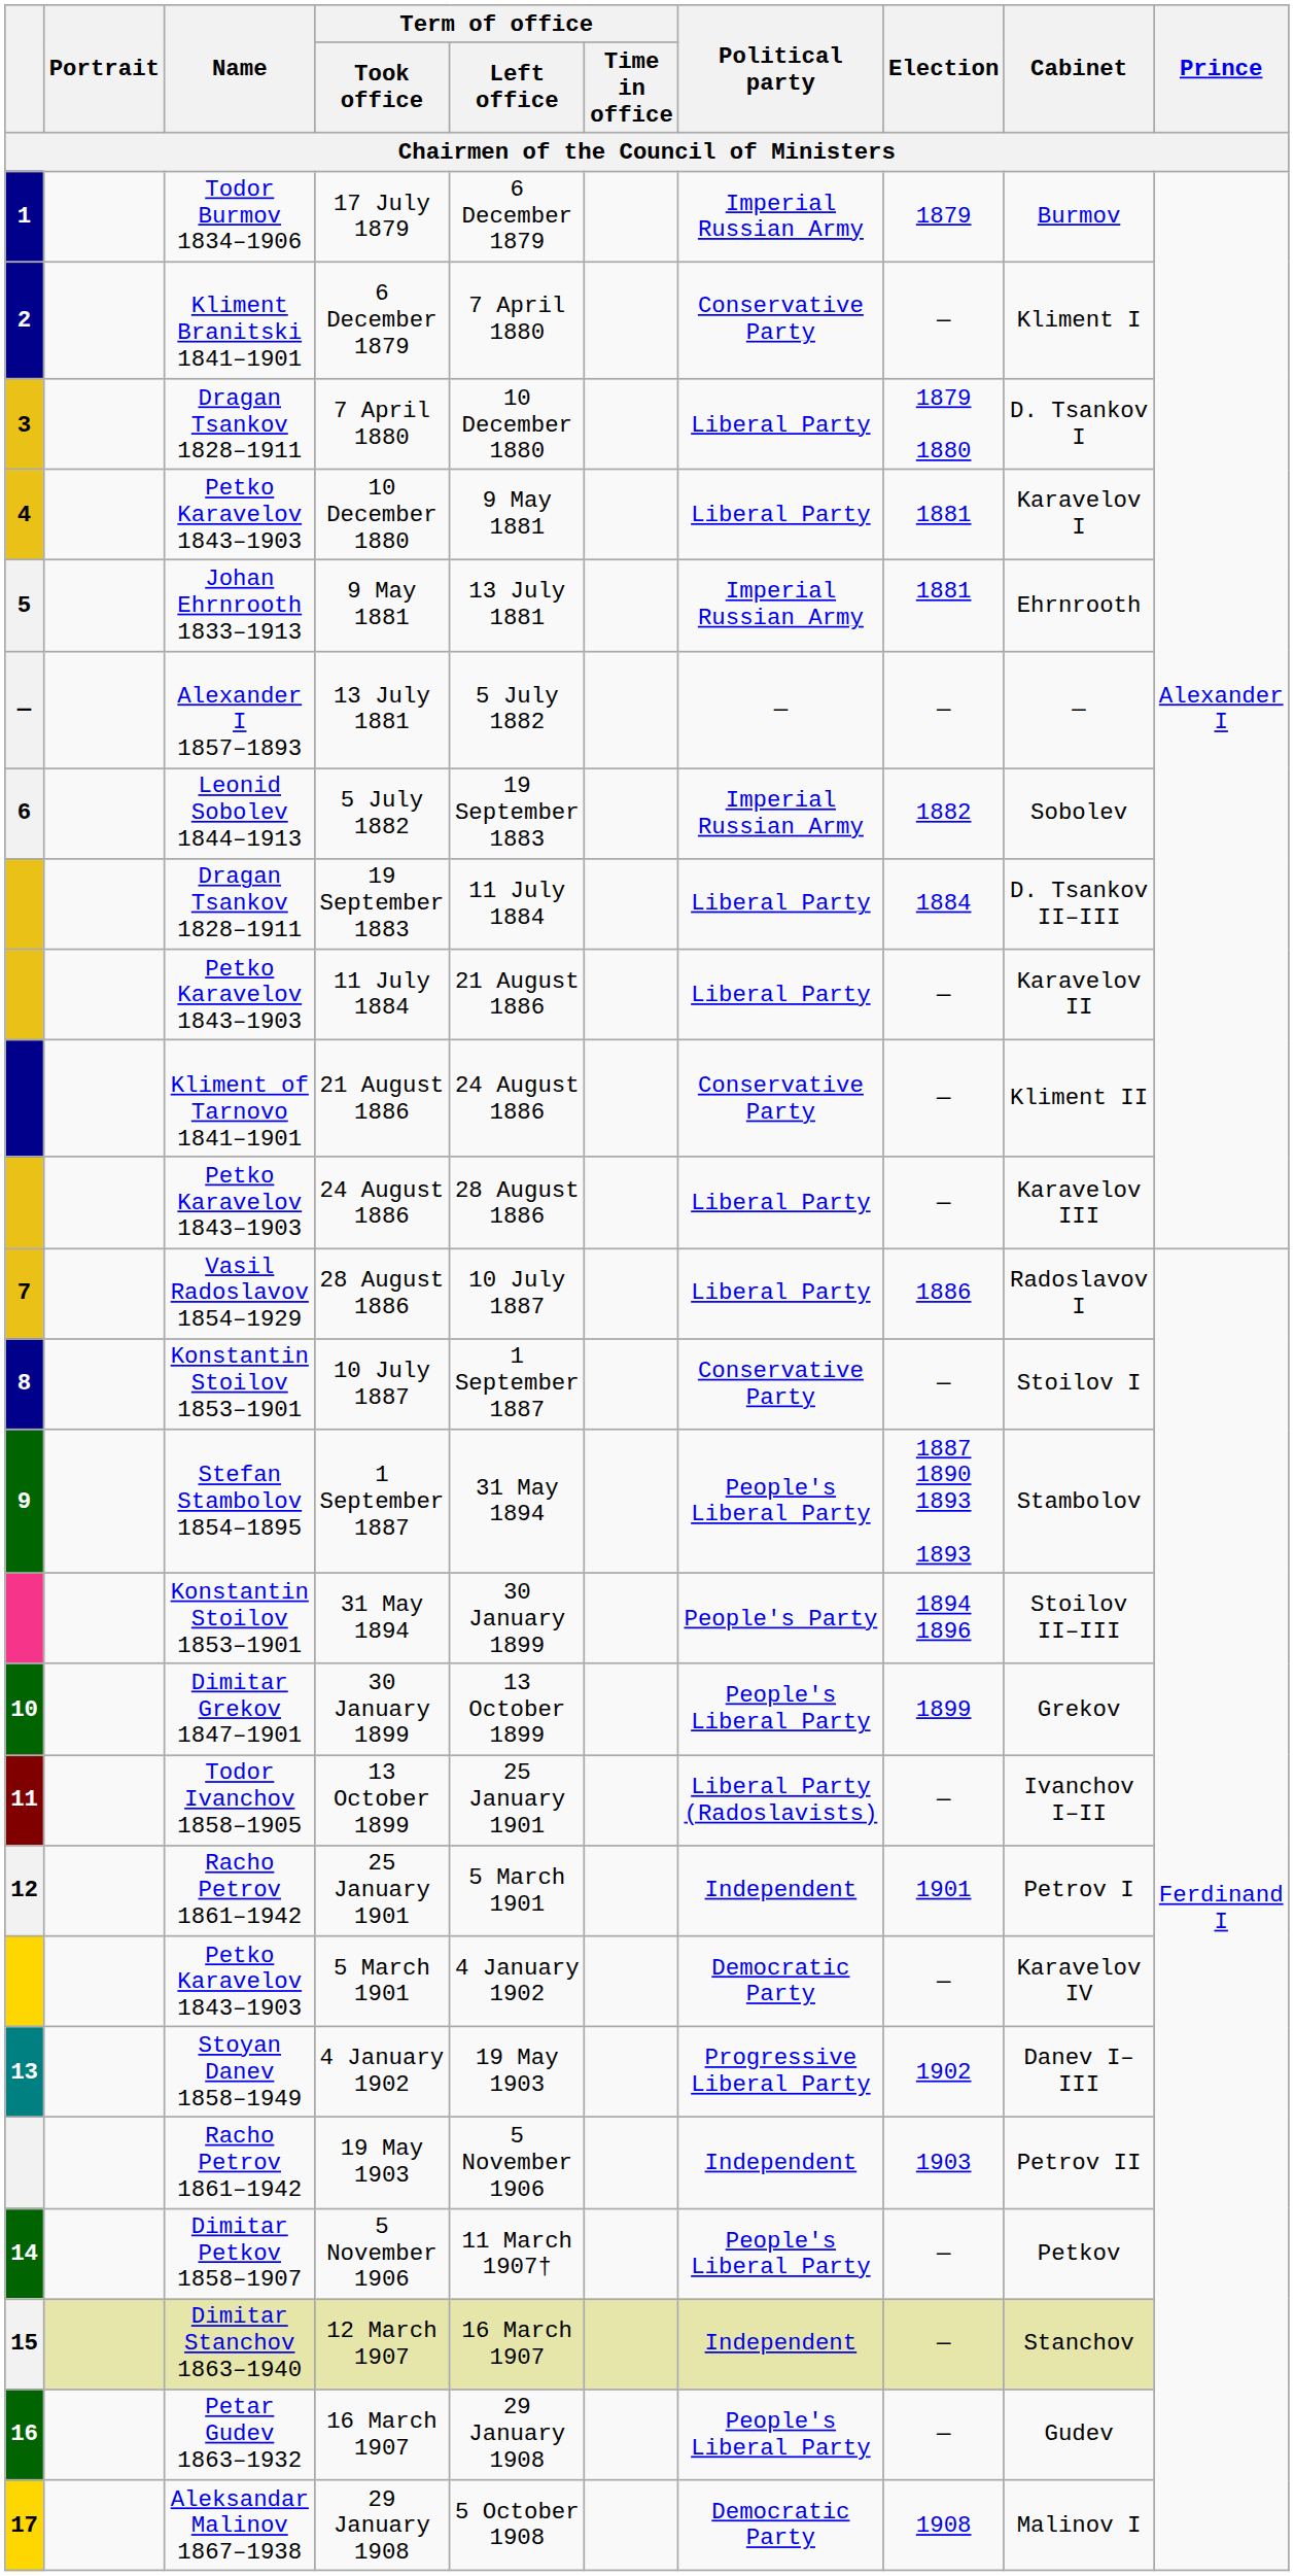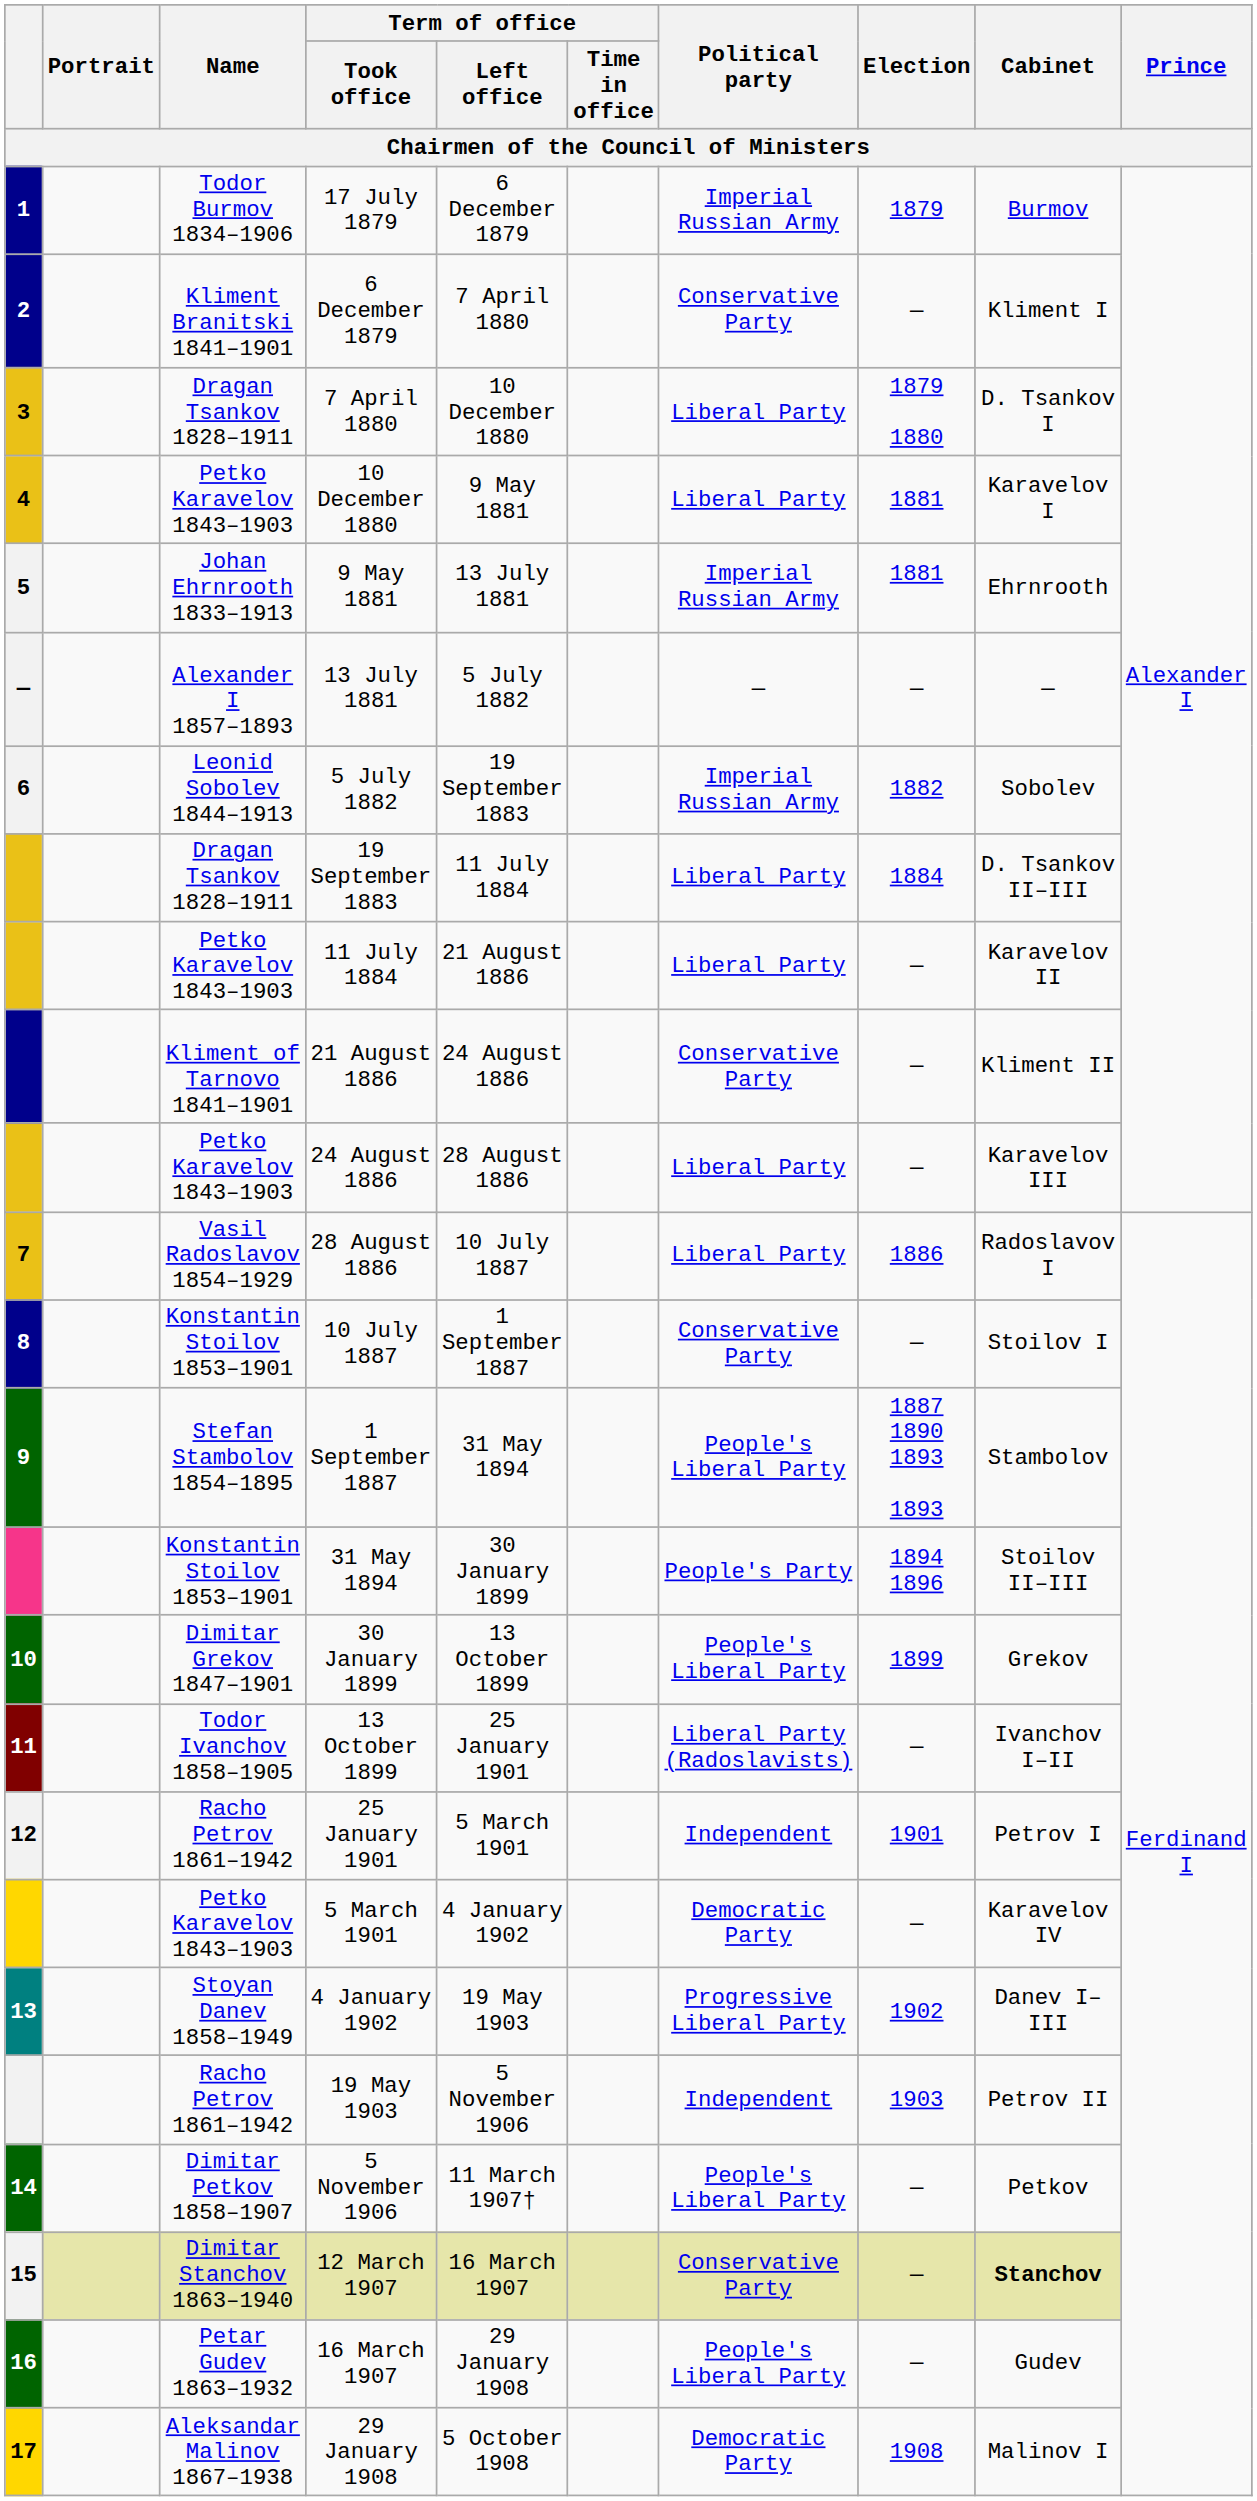 <table class="wikitable" style="text-align:center;">
 <tr>
 <th rowspan=2></th>
 <th rowspan=2>Portrait</th>
 <th rowspan=2>Name<br></th>
 <th colspan=3>Term of office</th>
 <th rowspan=2>Political party</th>
 <th rowspan=2>Election</th>
 <th rowspan=2>Cabinet</th>
 <th rowspan=2><a href='#'>Prince</a></th>
 </tr>
 <tr>
 <th>Took office</th>
 <th>Left office</th>
 <th>Time in office</th>
 </tr>
 <tr>
 <th colspan=10>Chairmen of the Council of Ministers<br></th>
 </tr>
 <tr>
 <th style="background:Darkblue; color:white;">1</th>
 <td></td>
 <td><a href='#'>Todor Burmov</a><br>1834–1906<br></td>
 <td>17 July 1879</td>
 <td>6 December 1879</td>
 <td></td>
 <td><a href='#'>Imperial Russian Army</a></td>
 <td><a href='#'>1879<br></a></td>
 <td><a href='#'>Burmov</a></td>
 <td rowspan=12><a href='#'>Alexander I</a></td>
 </tr>
 <tr>
 <th style="background:Darkblue; color:white;">2</th>
 <td></td>
 <td><br><a href='#'>Kliment Branitski</a><br>1841–1901<br></td>
 <td>6 December 1879</td>
 <td>7 April 1880</td>
 <td></td>
 <td><a href='#'>Conservative Party</a></td>
 <td>—</td>
 <td>Kliment I</td>
 </tr>
 <tr>
 <th style="background:#EAC117; color:black;">3</th>
 <td></td>
 <td><a href='#'>Dragan Tsankov</a><br>1828–1911<br></td>
 <td>7 April 1880</td>
 <td>10 December 1880</td>
 <td></td>
 <td><a href='#'>Liberal Party</a></td>
 <td><a href='#'>1879<br></a><br><a href='#'>1880</a></td>
 <td>D. Tsankov I</td>
 </tr>
 <tr>
 <th style="background:#EAC117; color:black;">4</th>
 <td></td>
 <td><a href='#'>Petko Karavelov</a><br>1843–1903<br></td>
 <td>10 December 1880</td>
 <td>9 May 1881</td>
 <td></td>
 <td><a href='#'>Liberal Party</a></td>
 <td><a href='#'>1881<br></a></td>
 <td>Karavelov I</td>
 </tr>
 <tr>
 <th style="background:">5</th>
 <td></td>
 <td><a href='#'>Johan Ehrnrooth</a><br>1833–1913<br></td>
 <td>9 May 1881</td>
 <td>13 July 1881</td>
 <td></td>
 <td><a href='#'>Imperial Russian Army</a></td>
 <td><a href='#'>1881<br></a><br></td>
 <td>Ehrnrooth</td>
 </tr>
 <tr>
 <th style="background:; color:;">—</th>
 <td></td>
 <td><br><a href='#'>Alexander I</a><br>1857–1893<br></td>
 <td>13 July 1881</td>
 <td>5 July 1882</td>
 <td></td>
 <td>—</td>
 <td>—</td>
 <td>—</td>
 </tr>
 <tr>
 <th style="background:">6</th>
 <td></td>
 <td><a href='#'>Leonid Sobolev</a><br>1844–1913<br></td>
 <td>5 July 1882</td>
 <td>19 September 1883</td>
 <td></td>
 <td><a href='#'>Imperial Russian Army</a></td>
 <td><a href='#'>1882</a><br></td>
 <td>Sobolev</td>
 </tr>
 <tr>
 <th style="background:#EAC117; color:black;"></th>
 <td></td>
 <td><a href='#'>Dragan Tsankov</a><br>1828–1911<br></td>
 <td>19 September 1883</td>
 <td>11 July 1884</td>
 <td></td>
 <td><a href='#'>Liberal Party</a></td>
 <td><a href='#'>1884</a></td>
 <td>D. Tsankov II–III</td>
 </tr>
 <tr>
 <th style="background:#EAC117; color:black;"></th>
 <td></td>
 <td><a href='#'>Petko Karavelov</a><br>1843–1903<br></td>
 <td>11 July 1884</td>
 <td>21 August 1886</td>
 <td></td>
 <td><a href='#'>Liberal Party</a></td>
 <td>—</td>
 <td>Karavelov II</td>
 </tr>
 <tr>
 <th style="background:Darkblue; color:white;"></th>
 <td></td>
 <td><br><a href='#'>Kliment of Tarnovo</a><br>1841–1901<br></td>
 <td>21 August 1886</td>
 <td>24 August 1886</td>
 <td></td>
 <td><a href='#'>Conservative Party</a></td>
 <td>—</td>
 <td>Kliment II</td>
 </tr>
 <tr>
 <th style="background:#EAC117; color:black;"></th>
 <td></td>
 <td><a href='#'>Petko Karavelov</a><br>1843–1903<br></td>
 <td>24 August 1886</td>
 <td>28 August 1886</td>
 <td></td>
 <td><a href='#'>Liberal Party</a></td>
 <td>—</td>
 <td>Karavelov III</td>
 </tr>
 <tr>
 <th rowspan=2 style="background:#EAC117; color:black;">7</th>
 <td rowspan=2></td>
 <td rowspan=2><a href='#'>Vasil Radoslavov</a><br>1854–1929<br></td>
 <td rowspan=2>28 August 1886</td>
 <td rowspan=2>10 July 1887</td>
 <td rowspan=2></td>
 <td rowspan=2><a href='#'>Liberal Party</a></td>
 <td rowspan=2><a href='#'>1886</a></td>
 <td rowspan=2>Radoslavov I</td>
 </tr>
 <tr>
 <td rowspan=14><a href='#'>Ferdinand I</a></td>
 </tr>
 <tr>
 <th style="background:Darkblue; color:white;">8</th>
 <td></td>
 <td><a href='#'>Konstantin Stoilov</a><br>1853–1901<br></td>
 <td>10 July 1887</td>
 <td>1 September 1887</td>
 <td></td>
 <td><a href='#'>Conservative Party</a></td>
 <td>—</td>
 <td>Stoilov I</td>
 </tr>
 <tr>
 <th style="background:Darkgreen; color:white;">9</th>
 <td></td>
 <td><a href='#'>Stefan Stambolov</a><br>1854–1895<br></td>
 <td>1 September 1887</td>
 <td>31 May 1894</td>
 <td></td>
 <td><a href='#'>People's Liberal Party</a></td>
 <td><a href='#'>1887</a><br><a href='#'>1890</a><br><a href='#'>1893<br></a><br><a href='#'>1893<br></a></td>
 <td>Stambolov</td>
 </tr>
 <tr>
 <th style="background:#F6358A; color:white;"></th>
 <td></td>
 <td><a href='#'>Konstantin Stoilov</a><br>1853–1901<br></td>
 <td>31 May 1894</td>
 <td>30 January 1899</td>
 <td></td>
 <td><a href='#'>People's Party</a></td>
 <td><a href='#'>1894</a><br><a href='#'>1896</a></td>
 <td>Stoilov II–III</td>
 </tr>
 <tr>
 <th style="background:Darkgreen; color:white;">10</th>
 <td></td>
 <td><a href='#'>Dimitar Grekov</a><br>1847–1901<br></td>
 <td>30 January 1899</td>
 <td>13 October 1899</td>
 <td></td>
 <td><a href='#'>People's Liberal Party</a></td>
 <td><a href='#'>1899</a></td>
 <td>Grekov</td>
 </tr>
 <tr>
 <th style="background:Maroon; color:white;">11</th>
 <td></td>
 <td><a href='#'>Todor Ivanchov</a><br>1858–1905<br></td>
 <td>13 October 1899</td>
 <td>25 January 1901</td>
 <td></td>
 <td><a href='#'>Liberal Party (Radoslavists)</a></td>
 <td>—</td>
 <td>Ivanchov I–II</td>
 </tr>
 <tr>
 <th style="background:">12</th>
 <td></td>
 <td><a href='#'>Racho Petrov</a><br>1861–1942<br></td>
 <td>25 January 1901</td>
 <td>5 March 1901</td>
 <td></td>
 <td><a href='#'>Independent</a></td>
 <td><a href='#'>1901</a></td>
 <td>Petrov I</td>
 </tr>
 <tr>
 <th style="background:Gold; color:black;"></th>
 <td></td>
 <td><a href='#'>Petko Karavelov</a><br>1843–1903<br></td>
 <td>5 March 1901</td>
 <td>4 January 1902</td>
 <td></td>
 <td><a href='#'>Democratic Party</a></td>
 <td>—</td>
 <td>Karavelov IV</td>
 </tr>
 <tr>
 <th style="background:Teal; color:white;">13</th>
 <td></td>
 <td><a href='#'>Stoyan Danev</a><br>1858–1949<br></td>
 <td>4 January 1902</td>
 <td>19 May 1903</td>
 <td></td>
 <td><a href='#'>Progressive Liberal Party</a></td>
 <td><a href='#'>1902</a></td>
 <td>Danev I–III</td>
 </tr>
 <tr>
 <th style="background:"></th>
 <td></td>
 <td><a href='#'>Racho Petrov</a><br>1861–1942<br></td>
 <td>19 May 1903</td>
 <td>5 November 1906</td>
 <td></td>
 <td><a href='#'>Independent</a></td>
 <td><a href='#'>1903</a></td>
 <td>Petrov II</td>
 </tr>
 <tr>
 <th style="background:Darkgreen; color:white;">14</th>
 <td></td>
 <td><a href='#'>Dimitar Petkov</a><br>1858–1907<br></td>
 <td>5 November 1906</td>
 <td>11 March 1907†</td>
 <td></td>
 <td><a href='#'>People's Liberal Party</a></td>
 <td>—</td>
 <td>Petkov</td>
 </tr>
 <tr style="background:#e6e6aa;">
 <th style="background:">15</th>
 <td></td>
 <td><a href='#'>Dimitar Stanchov</a><br>1863–1940<br></td>
 <td>12 March 1907</td>
 <td>16 March 1907</td>
 <td></td>
-<td><a href='#'>Independent</a></td>
+<td><a href='#'>Conservative Party</a></td>
 <td>—</td>
-<td>Stanchov</td>
+<td><strong>Stanchov</strong></td>
 </tr>
 <tr>
 <th style="background:Darkgreen; color:white;">16</th>
 <td></td>
 <td><a href='#'>Petar Gudev</a><br>1863–1932<br></td>
 <td>16 March 1907</td>
 <td>29 January 1908</td>
 <td></td>
 <td><a href='#'>People's Liberal Party</a></td>
 <td>—</td>
 <td>Gudev</td>
 </tr>
 <tr>
 <th style="background:Gold; color:black;">17</th>
 <td></td>
 <td><a href='#'>Aleksandar Malinov</a><br>1867–1938<br></td>
 <td>29 January 1908</td>
 <td>5 October 1908</td>
 <td></td>
 <td><a href='#'>Democratic Party</a></td>
 <td><a href='#'>1908</a></td>
 <td>Malinov I</td>
 </tr>
 </table>
